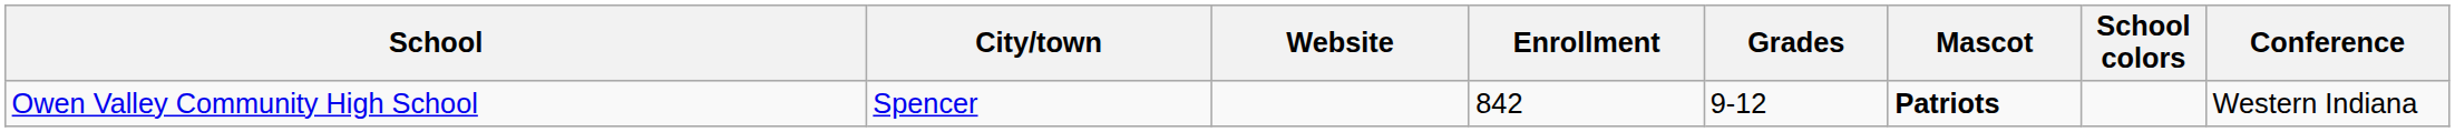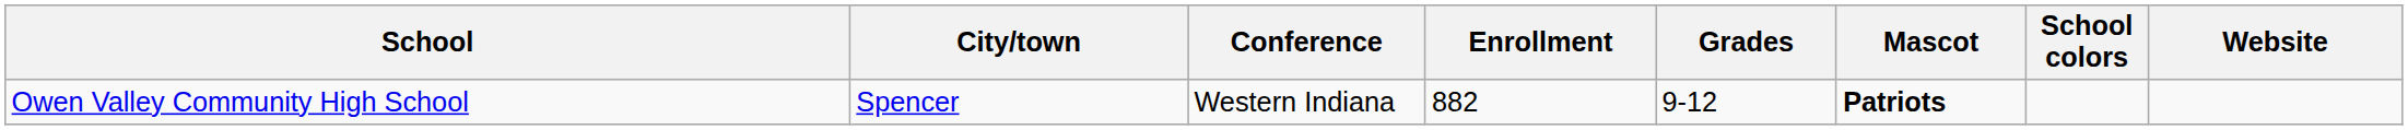 <table class="wikitable sortable" width="70%">
 <tr>
 <th width="20%">School</th>
 <th width="08%">City/town</th>
-<th width="06%">Website</th>
+<th width="04%">Conference</th>
 <th width="04%">Enrollment</th>
 <th width="04%">Grades</th>
 <th width="04%">Mascot</th>
 <th width=01%>School colors</th>
-<th width="04%">Conference</th>
+<th width="06%">Website</th>
 </tr>
 <tr>
 <td><a href='#'>Owen Valley Community High School</a></td>
 <td><a href='#'>Spencer</a></td>
-<td></td>
-<td>842</td>
+<td>Western Indiana</td>
+<td>882</td>
 <td>9-12</td>
 <td><strong>Patriots</strong></td>
 <td>  </td>
-<td>Western Indiana</td>
+<td></td>
 </tr>
 </table>
